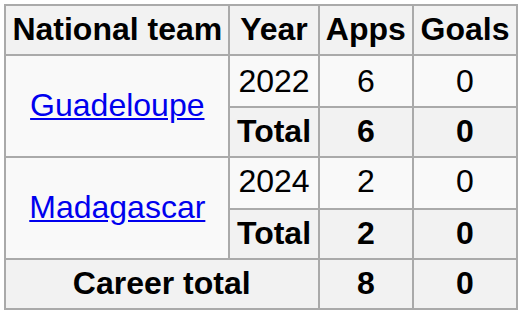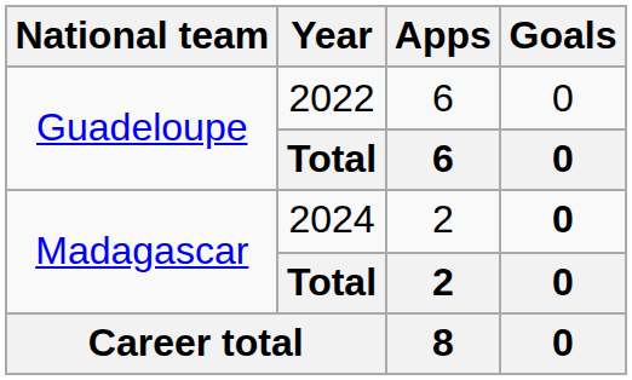 <table class="wikitable" style="text-align:center">
 <tr>
 <th>National team</th>
 <th>Year</th>
 <th>Apps</th>
 <th>Goals</th>
 </tr>
 <tr>
 <td rowspan=2><a href='#'>Guadeloupe</a></td>
 <td>2022</td>
 <td>6</td>
 <td>0</td>
 </tr>
 <tr>
 <th>Total</th>
 <th>6</th>
 <th>0</th>
 </tr>
 <tr>
 <td rowspan=2><a href='#'>Madagascar</a></td>
 <td>2024</td>
 <td>2</td>
-<td>0</td>
+<td><strong>0</strong></td>
 </tr>
 <tr>
 <th>Total</th>
 <th>2</th>
 <th>0</th>
 </tr>
 <tr>
 <th colspan=2>Career total</th>
 <th>8</th>
 <th>0</th>
 </tr>
 </table>
